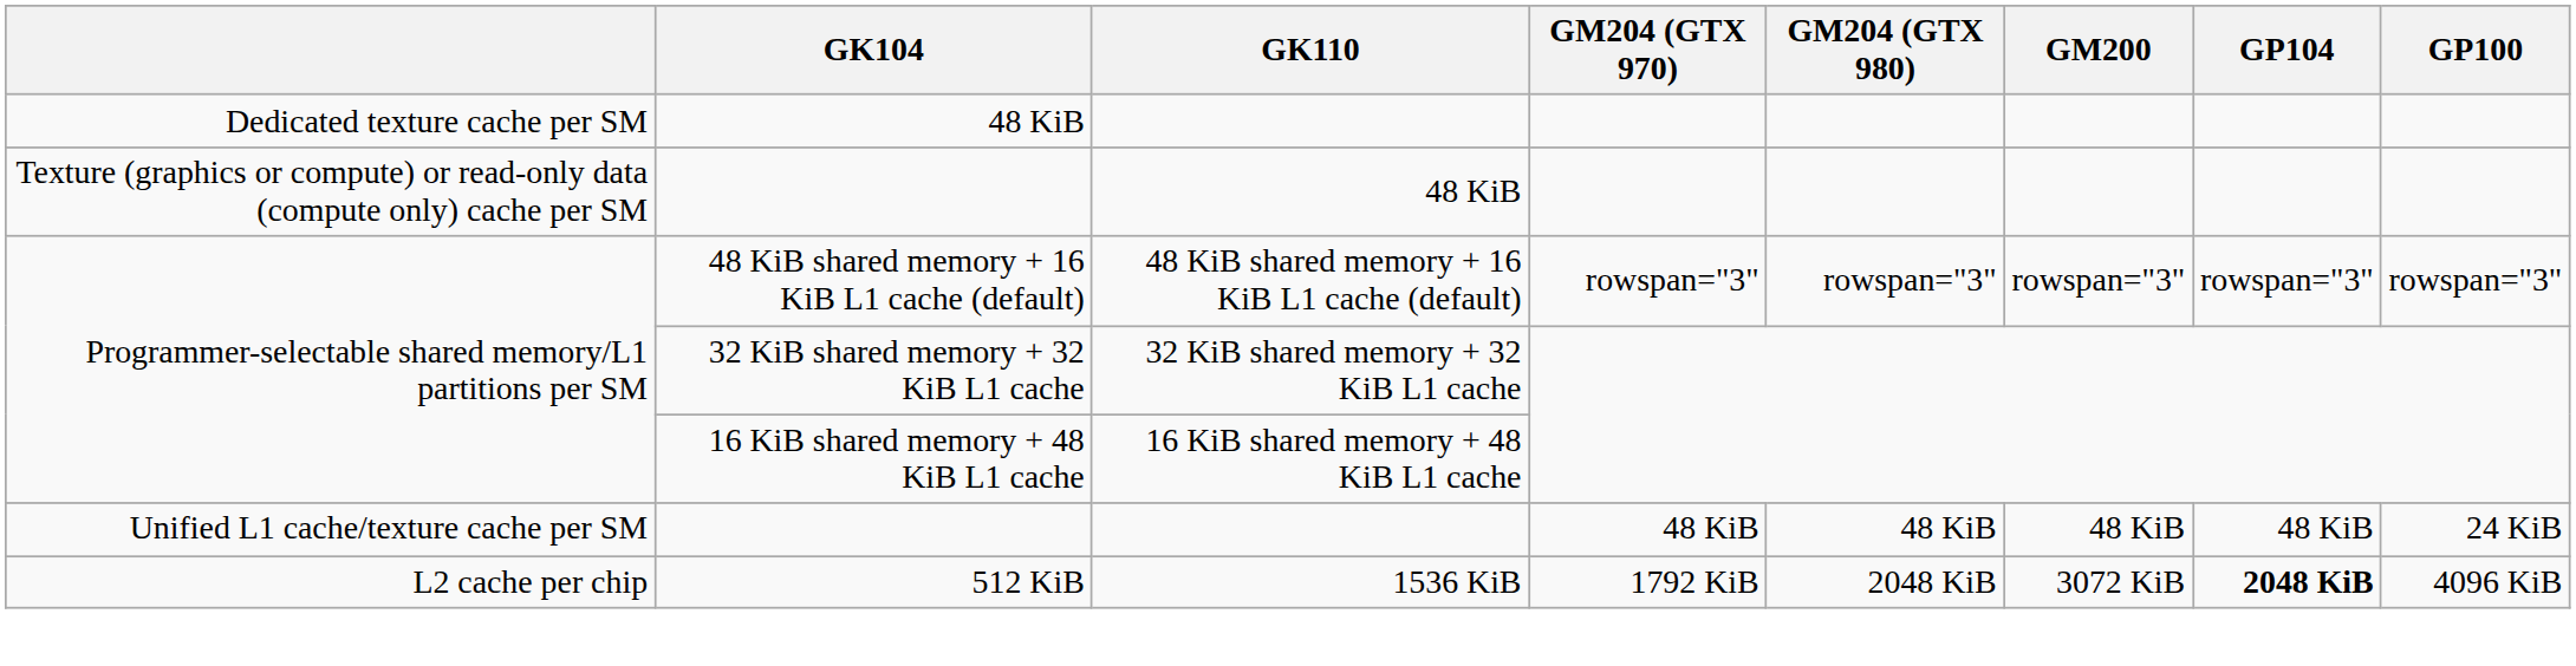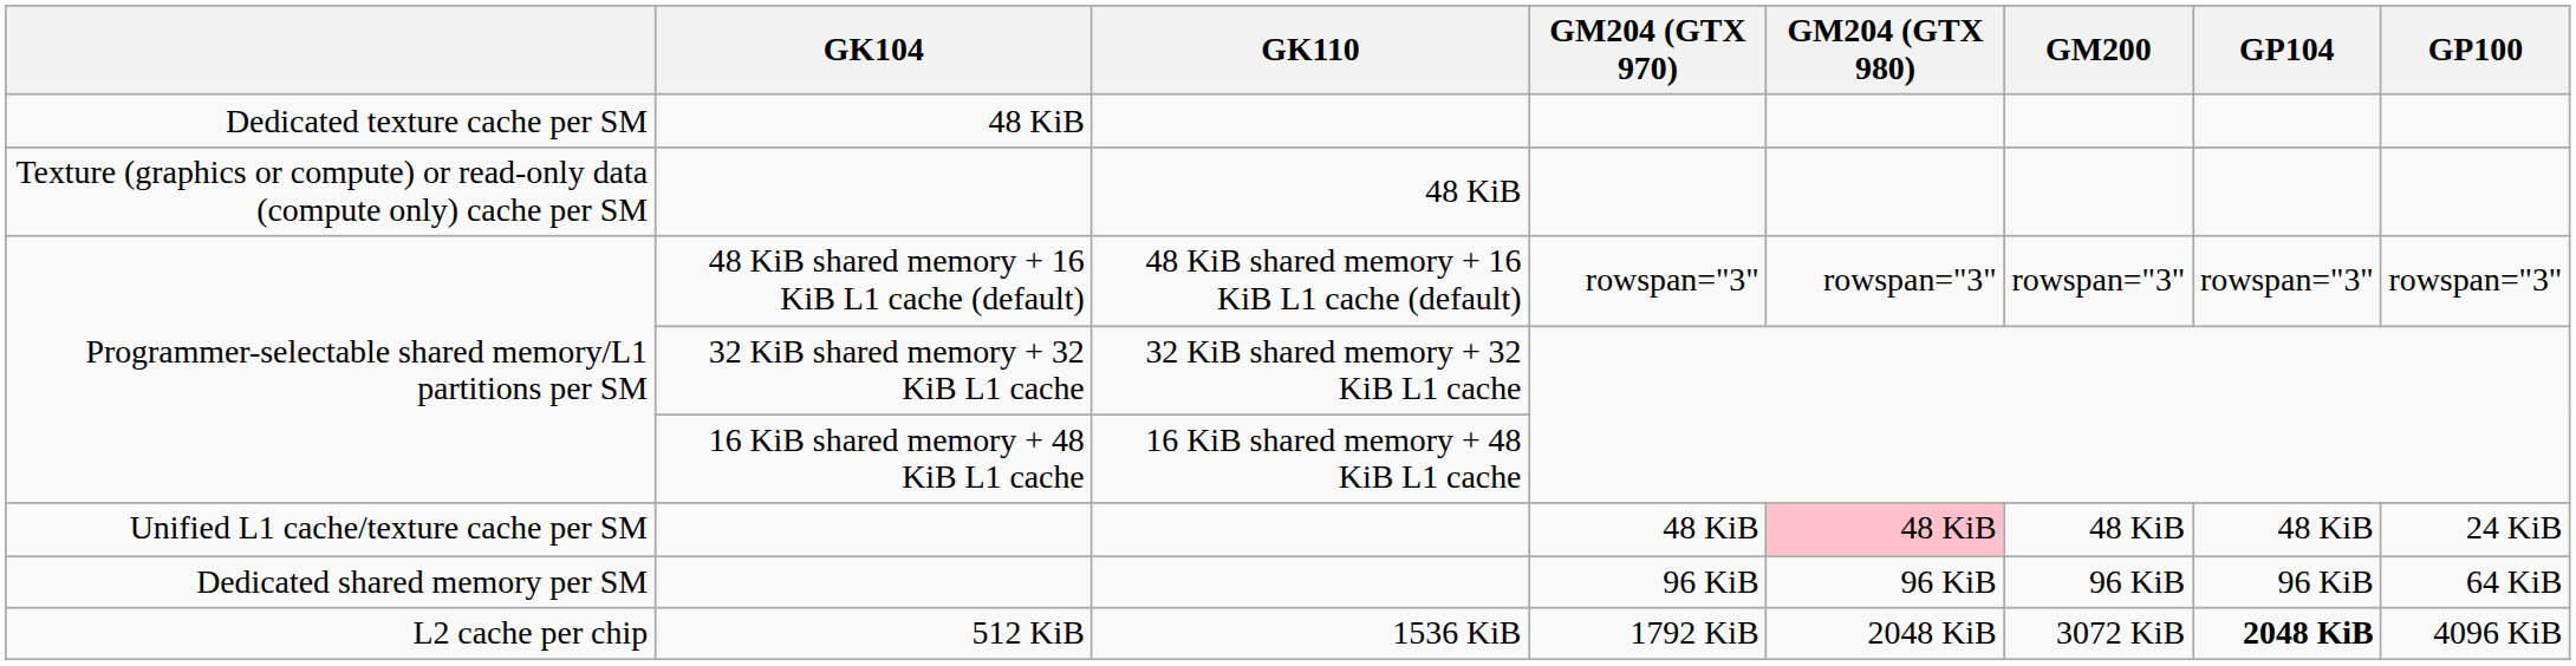 <table class="wikitable" style="text-align: right;">
 <tr>
 <th></th>
 <th>GK104</th>
 <th>GK110</th>
 <th>GM204 (GTX 970)</th>
 <th>GM204 (GTX 980)</th>
 <th>GM200</th>
 <th>GP104</th>
 <th>GP100</th>
 </tr>
 <tr>
 <td>Dedicated texture cache per SM</td>
 <td>48 KiB</td>
 <td></td>
 <td></td>
 <td></td>
 <td></td>
 <td></td>
 <td></td>
 </tr>
 <tr>
 <td>Texture (graphics or compute) or read-only data (compute only) cache per SM</td>
 <td></td>
 <td>48 KiB</td>
 <td></td>
 <td></td>
 <td></td>
 <td></td>
 <td></td>
 </tr>
 <tr>
 <td rowspan="3">Programmer-selectable shared memory/L1 partitions per SM</td>
 <td>48 KiB shared memory + 16 KiB L1 cache (default)</td>
 <td>48 KiB shared memory + 16 KiB L1 cache (default)</td>
 <td>rowspan="3" </td>
 <td>rowspan="3" </td>
 <td>rowspan="3" </td>
 <td>rowspan="3" </td>
 <td>rowspan="3" </td>
 </tr>
 <tr>
 <td>32 KiB shared memory + 32 KiB L1 cache</td>
 <td>32 KiB shared memory + 32 KiB L1 cache</td>
 </tr>
 <tr>
 <td>16 KiB shared memory + 48 KiB L1 cache</td>
 <td>16 KiB shared memory + 48 KiB L1 cache</td>
 </tr>
 <tr>
 <td>Unified L1 cache/texture cache per SM</td>
 <td></td>
 <td></td>
 <td>48 KiB</td>
-<td>48 KiB</td>
+<td style="background: pink;">48 KiB</td>
 <td>48 KiB</td>
 <td>48 KiB</td>
 <td>24 KiB</td>
+</tr>
+<tr>
+<td>Dedicated shared memory per SM</td>
+<td></td>
+<td></td>
+<td>96 KiB</td>
+<td>96 KiB</td>
+<td>96 KiB</td>
+<td>96 KiB</td>
+<td>64 KiB</td>
 </tr>
 <tr>
 <td>L2 cache per chip</td>
 <td>512 KiB</td>
 <td>1536 KiB</td>
 <td>1792 KiB</td>
 <td>2048 KiB</td>
 <td>3072 KiB</td>
 <td><strong>2048 KiB</strong></td>
 <td>4096 KiB</td>
 </tr>
 </table>
